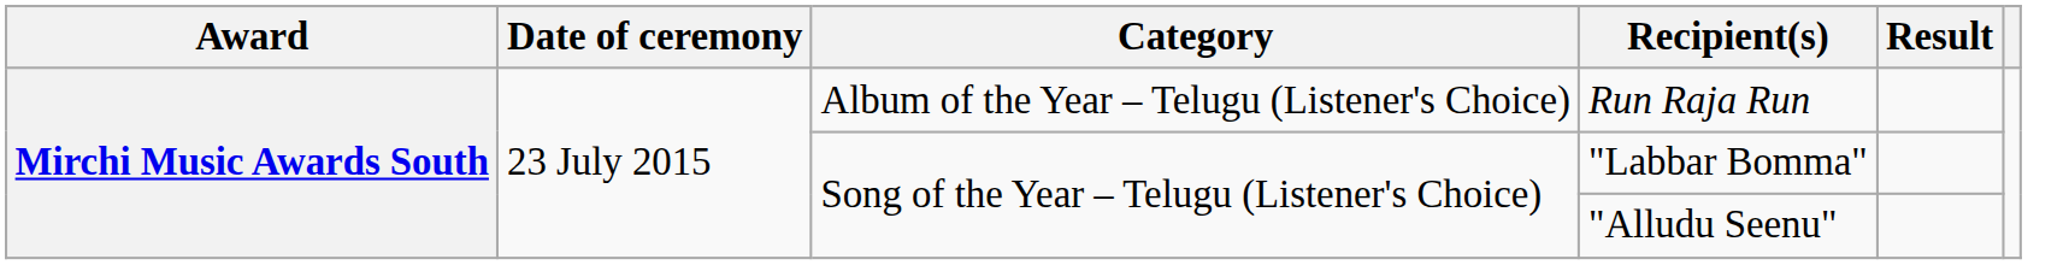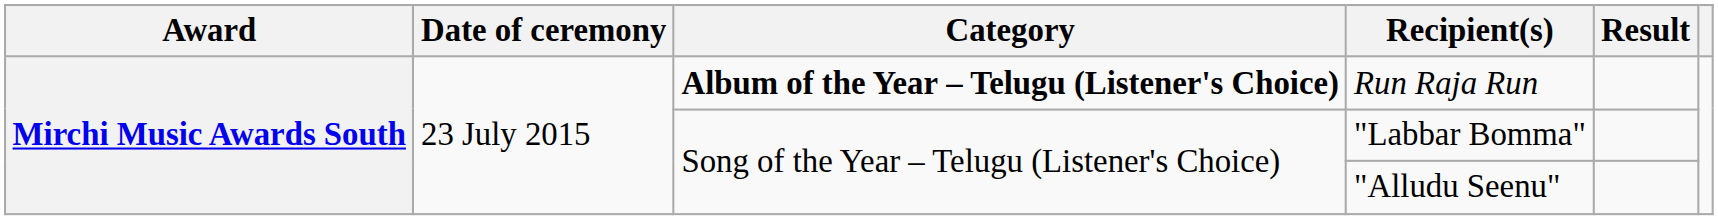 <table class="wikitable plainrowheaders sortable">
 <tr>
 <th scope="col">Award</th>
 <th scope="col">Date of ceremony</th>
 <th scope="col">Category</th>
 <th scope="col">Recipient(s)</th>
 <th scope="col" class="unsortable">Result</th>
 <th scope="col" class="unsortable"></th>
 </tr>
 <tr>
 <th scope="row" rowspan="3"><a href='#'>Mirchi Music Awards South</a></th>
 <td rowspan="3">23 July 2015</td>
-<td>Album of the Year – Telugu (Listener's Choice)</td>
+<td><strong>Album of the Year – Telugu (Listener's Choice)</strong></td>
 <td><em>Run Raja Run</em></td>
 <td></td>
 <td rowspan="3" style="text-align:center;"></td>
 </tr>
 <tr>
 <td rowspan="2">Song of the Year – Telugu (Listener's Choice)</td>
 <td>"Labbar Bomma"</td>
 <td></td>
 </tr>
 <tr>
 <td>"Alludu Seenu"</td>
 <td></td>
 </tr>
 </table>
